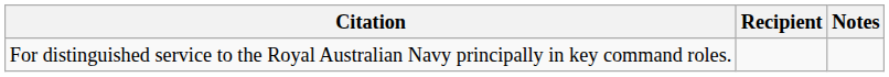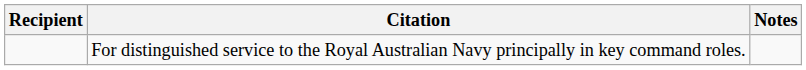 <table class="wikitable" style="font-size:95%;">
 <tr>
+<th>Recipient</th>
 <th>Citation</th>
-<th>Recipient</th>
 <th>Notes</th>
 </tr>
 <tr>
+<td></td>
 <td>For distinguished service to the Royal Australian Navy principally in key command roles.</td>
-<td></td>
 <td></td>
 </tr>
 </table>
